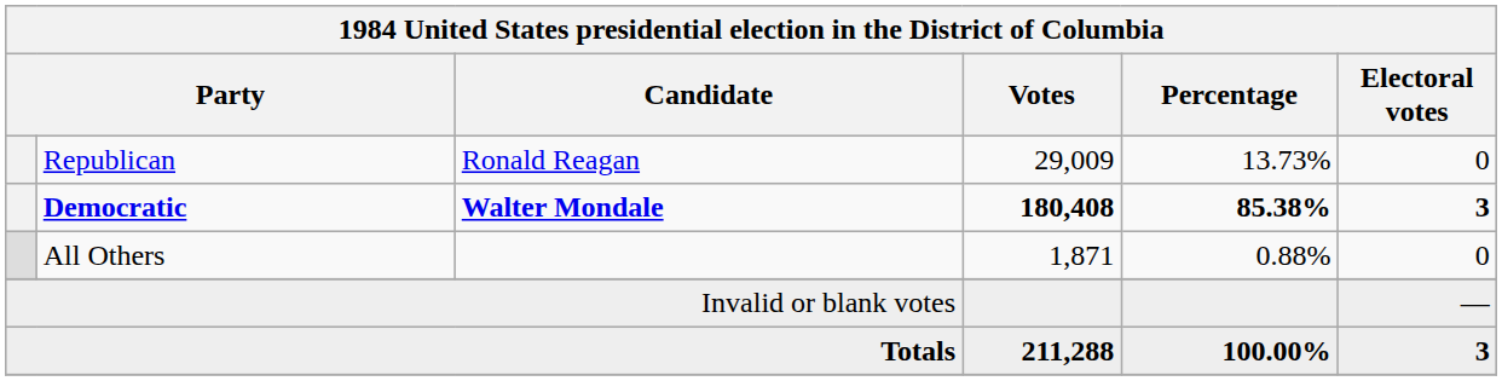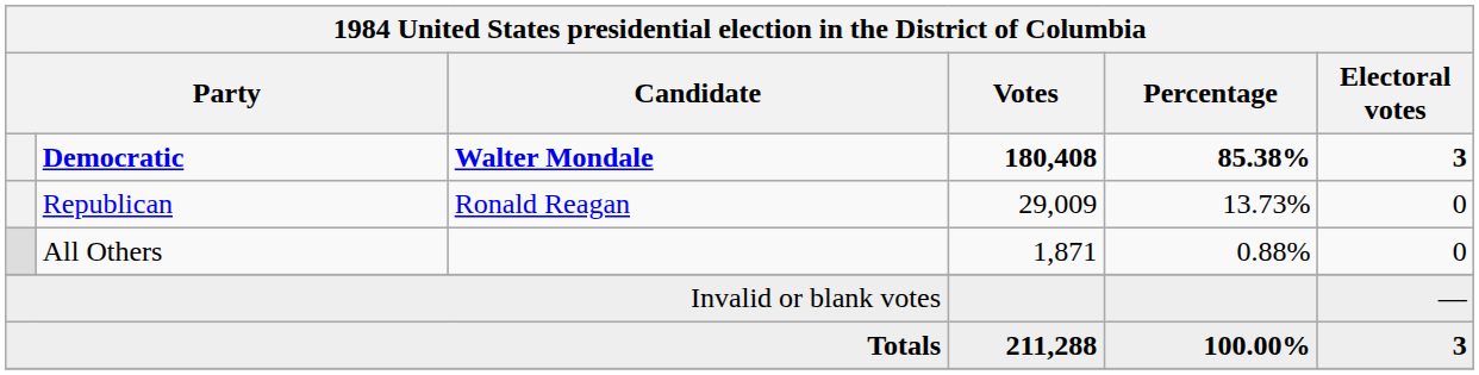 <table class="wikitable" style="font-size: 95%;">
 <tr>
 <th colspan="6">1984 United States presidential election in the District of Columbia</th>
 </tr>
 <tr>
 <th colspan="2" style="width: 15em">Party</th>
 <th style="width: 17em">Candidate</th>
 <th style="width: 5em">Votes</th>
 <th style="width: 7em">Percentage</th>
 <th style="width: 5em">Electoral votes</th>
 </tr>
 <tr>
 <th style="background-color:"></th>
+<td style="width: 130px"><strong><a href='#'>Democratic</a></strong></td>
+<td><strong><a href='#'>Walter Mondale</a></strong></td>
+<td align="right"><strong>180,408</strong></td>
+<td align="right"><strong>85.38%</strong></td>
+<td align="right"><strong>3</strong></td>
+</tr>
+<tr>
+<th style="background-color:"></th>
 <td style="width: 130px"><a href='#'>Republican</a></td>
 <td><a href='#'>Ronald Reagan</a></td>
 <td align="right">29,009</td>
 <td align="right">13.73%</td>
 <td align="right">0</td>
-</tr>
-<tr>
-<th style="background-color:"></th>
-<td style="width: 130px"><strong><a href='#'>Democratic</a></strong></td>
-<td><strong><a href='#'>Walter Mondale</a></strong></td>
-<td align="right"><strong>180,408</strong></td>
-<td align="right"><strong>85.38%</strong></td>
-<td align="right"><strong>3</strong></td>
 </tr>
 <tr>
 <th style="background-color:#DDDDDD; width: 3px"></th>
 <td style="width: 130px">All Others</td>
 <td></td>
 <td align="right">1,871</td>
 <td align="right">0.88%</td>
 <td align="right">0</td>
 </tr>
 <tr>
 </tr>
 <tr bgcolor="#EEEEEE">
 <td colspan="3" align="right">Invalid or blank votes</td>
 <td align="right"></td>
 <td align="right"></td>
 <td align="right">—</td>
 </tr>
 <tr bgcolor="#EEEEEE">
 <td colspan="3" align="right"><strong>Totals</strong></td>
 <td align="right"><strong>211,288</strong></td>
 <td align="right"><strong>100.00%</strong></td>
 <td align="right"><strong>3</strong></td>
 </tr>
 <tr bgcolor="#EEEEEE">
 </tr>
 </table>
